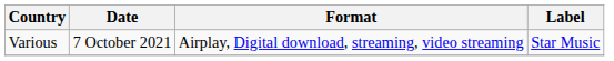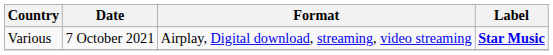 <table class="wikitable">
 <tr>
 <th>Country</th>
 <th>Date</th>
 <th>Format</th>
 <th>Label</th>
 </tr>
 <tr>
 <td>Various</td>
 <td>7 October 2021</td>
 <td>Airplay, <a href='#'>Digital download</a>, <a href='#'>streaming</a>, <a href='#'>video streaming</a></td>
-<td><a href='#'>Star Music</a></td>
+<td><strong><a href='#'>Star Music</a></strong></td>
 </tr>
 <tr>
 </tr>
 </table>
